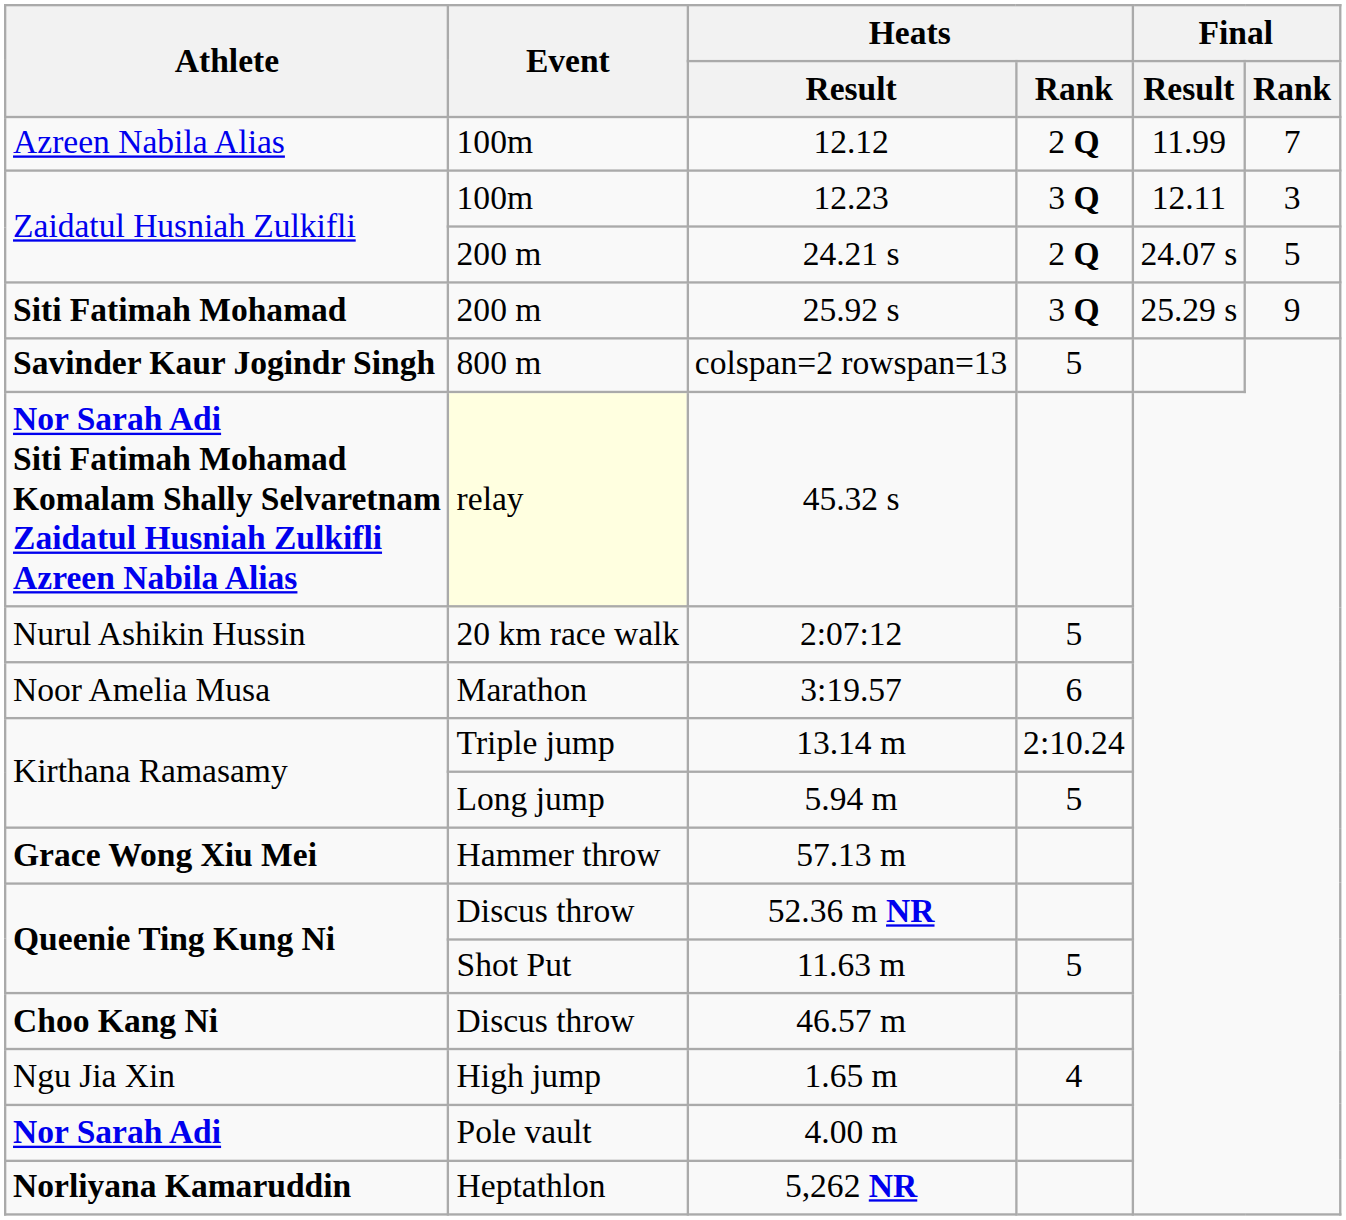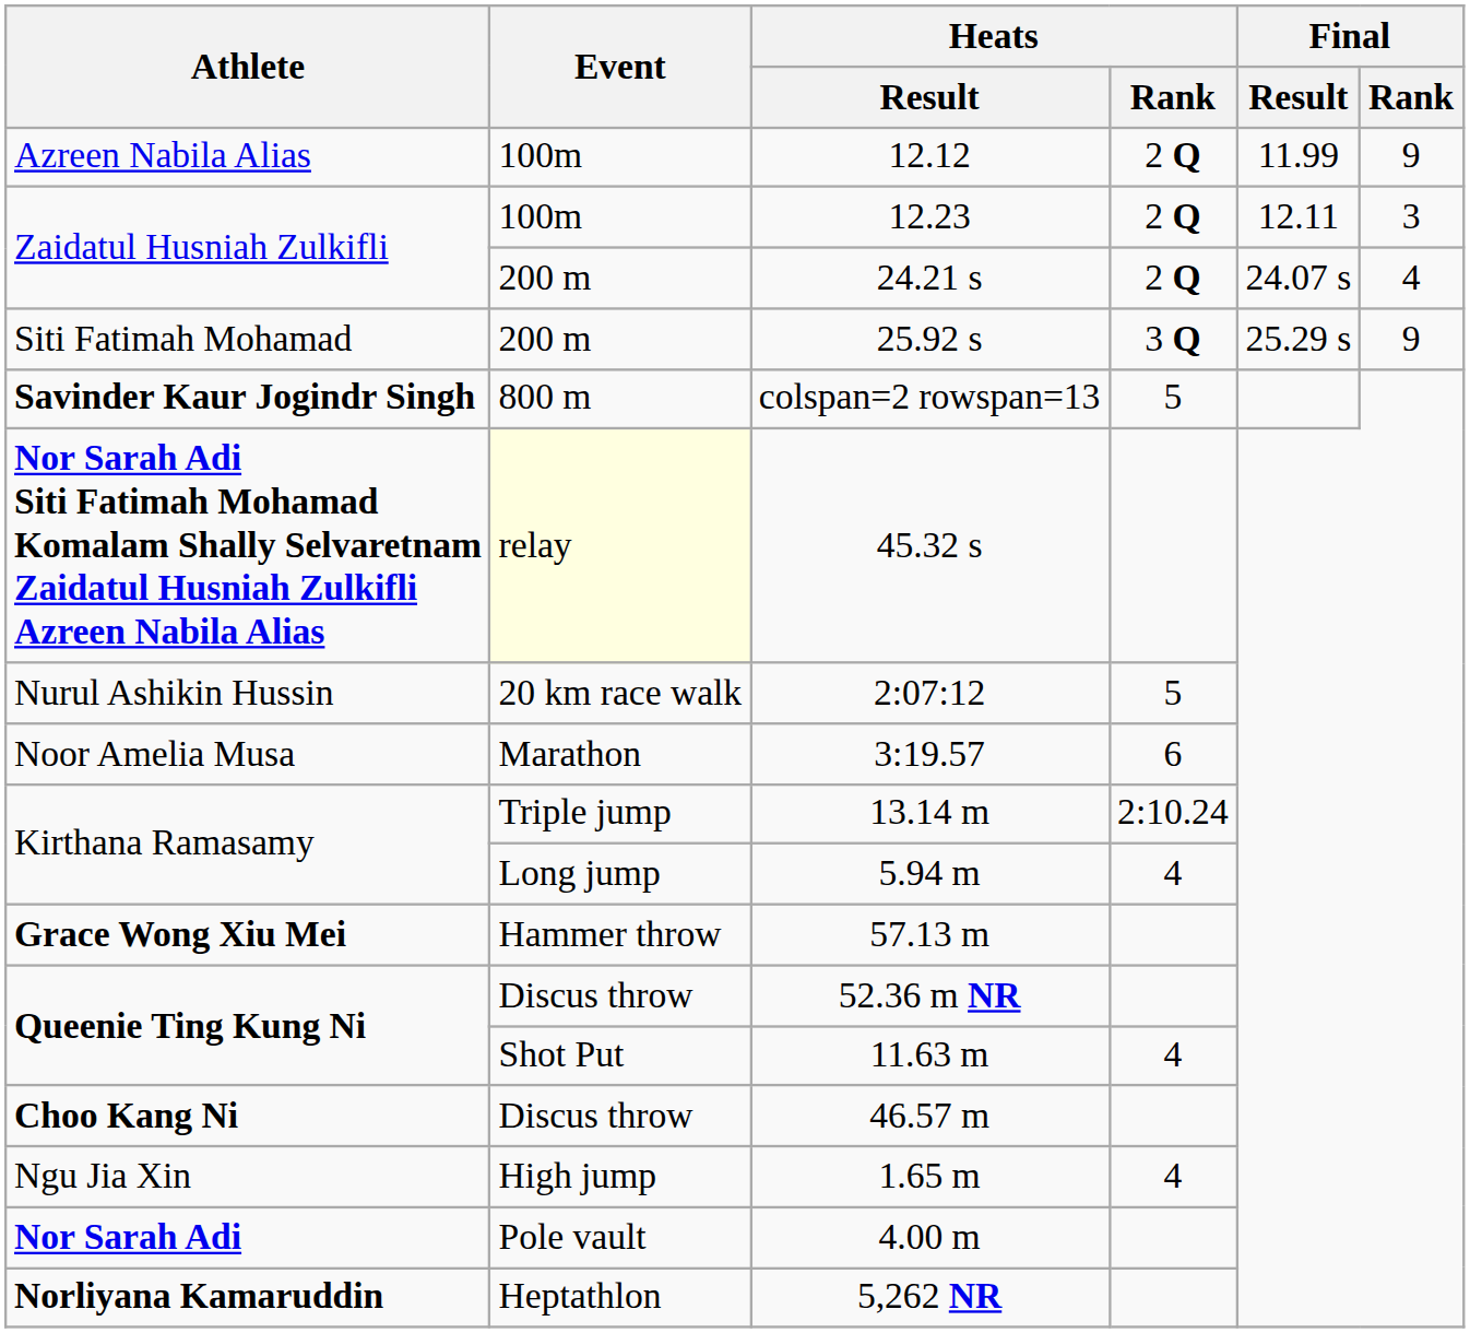 <table class="wikitable" style="font-size:90%">
 <tr>
 <th rowspan="2">Athlete</th>
 <th rowspan="2">Event</th>
 <th colspan="2">Heats</th>
 <th colspan="2">Final</th>
 </tr>
 <tr>
 <th>Result</th>
 <th>Rank</th>
 <th>Result</th>
 <th>Rank</th>
 </tr>
 <tr align="center">
 <td align="left"><a href='#'>Azreen Nabila Alias</a></td>
 <td align="left">100m</td>
 <td>12.12</td>
 <td>2 <strong>Q</strong></td>
 <td>11.99</td>
-<td>7</td>
+<td>9</td>
 </tr>
 <tr align="center">
 <td align="left" rowspan=2><a href='#'>Zaidatul Husniah Zulkifli</a></td>
 <td align="left">100m</td>
 <td>12.23</td>
-<td>3 <strong>Q</strong></td>
+<td>2 <strong>Q</strong></td>
 <td>12.11</td>
 <td>3</td>
 </tr>
 <tr align="center">
 <td align="left">200 m</td>
 <td>24.21 s</td>
 <td>2 <strong>Q</strong></td>
 <td>24.07 s</td>
-<td>5</td>
+<td>4</td>
 </tr>
 <tr align="center">
-<td align="left"><strong>Siti Fatimah Mohamad</strong></td>
+<td align="left">Siti Fatimah Mohamad</td>
 <td align="left">200 m</td>
 <td>25.92 s</td>
 <td>3 <strong>Q</strong></td>
 <td>25.29 s</td>
 <td>9</td>
 </tr>
 <tr align="center">
 <td align="left"><strong>Savinder Kaur Jogindr Singh</strong></td>
 <td align="left">800 m</td>
 <td>colspan=2 rowspan=13 </td>
 <td>5</td>
 <td></td>
 </tr>
 <tr align="center">
 <td align="left"><strong><a href='#'>Nor Sarah Adi</a><br>Siti Fatimah Mohamad<br>Komalam Shally Selvaretnam<br><a href='#'>Zaidatul Husniah Zulkifli</a><br><a href='#'>Azreen Nabila Alias</a></strong></td>
 <td align="left" style="background: lightyellow;"> relay</td>
 <td>45.32 s</td>
 <td></td>
 </tr>
 <tr align="center">
 <td align="left">Nurul Ashikin Hussin</td>
 <td align="left">20 km race walk</td>
 <td>2:07:12</td>
 <td>5</td>
 </tr>
 <tr align="center">
 <td align="left">Noor Amelia Musa</td>
 <td align="left">Marathon</td>
 <td>3:19.57</td>
 <td>6</td>
 </tr>
 <tr align="center">
 <td align="left" rowspan=2>Kirthana Ramasamy</td>
 <td align="left">Triple jump</td>
 <td>13.14 m</td>
 <td>2:10.24</td>
 </tr>
 <tr align="center">
 <td align="left">Long jump</td>
 <td>5.94 m</td>
-<td>5</td>
+<td>4</td>
 </tr>
 <tr align="center">
 <td align="left"><strong>Grace Wong Xiu Mei</strong></td>
 <td align="left">Hammer throw</td>
 <td>57.13 m</td>
 <td></td>
 </tr>
 <tr align="center">
 <td align="left" rowspan=2><strong>Queenie Ting Kung Ni</strong></td>
 <td align="left">Discus throw</td>
 <td>52.36 m <strong><a href='#'>NR</a></strong></td>
 <td></td>
 </tr>
 <tr align="center">
 <td align="left">Shot Put</td>
 <td>11.63 m</td>
-<td>5</td>
+<td>4</td>
 </tr>
 <tr align="center">
 <td align="left"><strong>Choo Kang Ni</strong></td>
 <td align="left">Discus throw</td>
 <td>46.57 m</td>
 <td></td>
 </tr>
 <tr align="center">
 <td align="left">Ngu Jia Xin</td>
 <td align="left">High jump</td>
 <td>1.65 m</td>
 <td>4</td>
 </tr>
 <tr align="center">
 <td align="left"><strong><a href='#'>Nor Sarah Adi</a></strong></td>
 <td align="left">Pole vault</td>
 <td>4.00 m</td>
 <td></td>
 </tr>
 <tr align="center">
 <td align="left"><strong>Norliyana Kamaruddin</strong></td>
 <td align="left">Heptathlon</td>
 <td>5,262 <strong><a href='#'>NR</a></strong></td>
 <td></td>
 </tr>
 </table>
